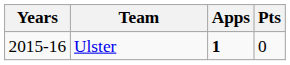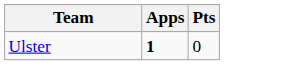 <table class="wikitable" style="text-align:left;">
 <tr>
-<th>Years</th>
 <th width=120px>Team</th>
 <th>Apps</th>
 <th>Pts</th>
 </tr>
 <tr>
-<td>2015-16</td>
 <td><a href='#'>Ulster</a></td>
 <td><strong>1</strong></td>
 <td>0</td>
 </tr>
 </table>
